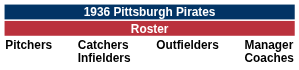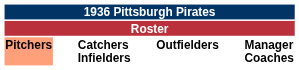 <table class="toccolours" style="font-size: 95%;">
 <tr>
 <th colspan="10" style="background-color: #023465; color: white; text-align: center;">1936 Pittsburgh Pirates</th>
 </tr>
 <tr>
 <td colspan="10" style="background-color: #ba313c; color: white; text-align: center;"><strong>Roster</strong></td>
 </tr>
 <tr>
-<td valign="top"><strong>Pitchers</strong><br>          </td>
+<td valign="top" style="background: lightsalmon;"><strong>Pitchers</strong><br>          </td>
 <td width="25px"></td>
 <td valign="top"><strong>Catchers</strong><br>   <strong>Infielders</strong>     </td>
 <td width="25px"></td>
 <td valign="top"><strong>Outfielders</strong><br>      </td>
 <td width="25px"></td>
 <td valign="top"><strong>Manager</strong><br> <strong>Coaches</strong>  </td>
 </tr>
 </table>
